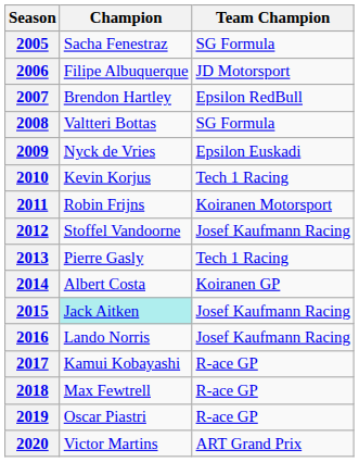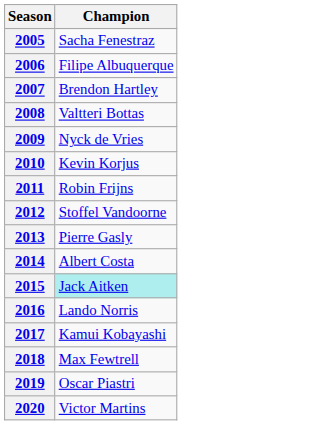 <table class="wikitable" style="font-size: 85%;">
 <tr>
 <th>Season</th>
 <th>Champion</th>
-<th>Team Champion</th>
 </tr>
 <tr>
 <th><a href='#'>2005</a></th>
 <td> <a href='#'>Sacha Fenestraz</a></td>
-<td> <a href='#'>SG Formula</a></td>
 </tr>
 <tr>
 <th><a href='#'>2006</a></th>
 <td> <a href='#'>Filipe Albuquerque</a></td>
-<td> <a href='#'>JD Motorsport</a></td>
 </tr>
 <tr>
 <th><a href='#'>2007</a></th>
 <td> <a href='#'>Brendon Hartley</a></td>
-<td> <a href='#'>Epsilon RedBull</a></td>
 </tr>
 <tr>
 <th><a href='#'>2008</a></th>
 <td> <a href='#'>Valtteri Bottas</a></td>
-<td> <a href='#'>SG Formula</a></td>
 </tr>
 <tr>
 <th><a href='#'>2009</a></th>
 <td> <a href='#'>Nyck de Vries</a></td>
-<td> <a href='#'>Epsilon Euskadi</a></td>
 </tr>
 <tr>
 <th><a href='#'>2010</a></th>
 <td> <a href='#'>Kevin Korjus</a></td>
-<td> <a href='#'>Tech 1 Racing</a></td>
 </tr>
 <tr>
 <th><a href='#'>2011</a></th>
 <td> <a href='#'>Robin Frijns</a></td>
-<td> <a href='#'>Koiranen Motorsport</a></td>
 </tr>
 <tr>
 <th><a href='#'>2012</a></th>
 <td> <a href='#'>Stoffel Vandoorne</a></td>
-<td> <a href='#'>Josef Kaufmann Racing</a></td>
 </tr>
 <tr>
 <th><a href='#'>2013</a></th>
 <td> <a href='#'>Pierre Gasly</a></td>
-<td> <a href='#'>Tech 1 Racing</a></td>
 </tr>
 <tr>
 <th><a href='#'>2014</a></th>
 <td> <a href='#'>Albert Costa</a></td>
-<td> <a href='#'>Koiranen GP</a></td>
 </tr>
 <tr>
 <th><a href='#'>2015</a></th>
 <td style="background: paleturquoise;"> <a href='#'>Jack Aitken</a></td>
-<td> <a href='#'>Josef Kaufmann Racing</a></td>
 </tr>
 <tr>
 <th><a href='#'>2016</a></th>
 <td> <a href='#'>Lando Norris</a></td>
-<td> <a href='#'>Josef Kaufmann Racing</a></td>
 </tr>
 <tr>
 <th><a href='#'>2017</a></th>
 <td> <a href='#'>Kamui Kobayashi</a></td>
-<td> <a href='#'>R-ace GP</a></td>
 </tr>
 <tr>
 <th><a href='#'>2018</a></th>
 <td> <a href='#'>Max Fewtrell</a></td>
-<td> <a href='#'>R-ace GP</a></td>
 </tr>
 <tr>
 <th><a href='#'>2019</a></th>
 <td> <a href='#'>Oscar Piastri</a></td>
-<td> <a href='#'>R-ace GP</a></td>
 </tr>
 <tr>
 <th><a href='#'>2020</a></th>
 <td> <a href='#'>Victor Martins</a></td>
-<td> <a href='#'>ART Grand Prix</a></td>
 </tr>
 </table>
